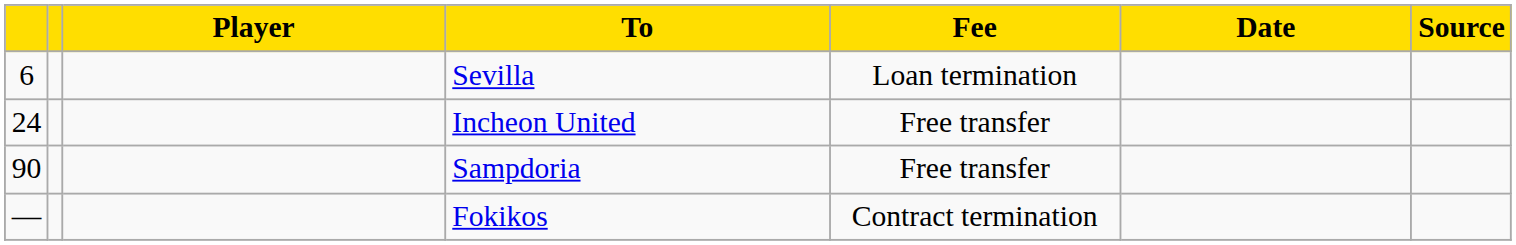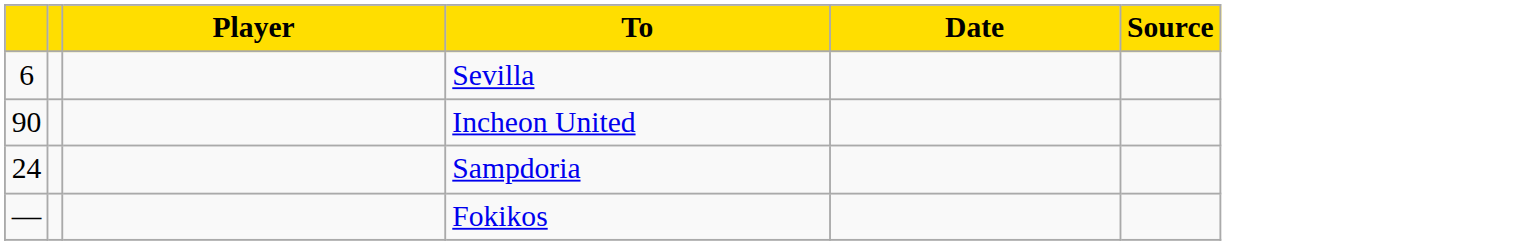 <table class="wikitable sortable">
 <tr>
 <th style="background:#FFDE00"></th>
 <th style="background:#FFDE00"></th>
 <th width=200 style="background:#FFDE00">Player</th>
 <th width=200 style="background:#FFDE00">To</th>
-<th width=150 style="background:#FFDE00">Fee</th>
 <th width=150 style="background:#FFDE00">Date</th>
 <th style="background:#FFDE00">Source</th>
 </tr>
 <tr>
 <td align=center>6</td>
 <td align=center></td>
 <td></td>
 <td> <a href='#'>Sevilla</a></td>
-<td align=center>Loan termination</td>
+<td align=center></td>
+<td align=center></td>
+</tr>
+<tr>
+<td align=center>90</td>
+<td align=center></td>
+<td></td>
+<td> <a href='#'>Incheon United</a></td>
 <td align=center></td>
 <td align=center></td>
 </tr>
 <tr>
 <td align=center>24</td>
 <td align=center></td>
 <td></td>
-<td> <a href='#'>Incheon United</a></td>
-<td align=center>Free transfer</td>
-<td align=center></td>
-<td align=center></td>
-</tr>
-<tr>
-<td align=center>90</td>
-<td align=center></td>
-<td></td>
 <td> <a href='#'>Sampdoria</a></td>
-<td align=center>Free transfer</td>
 <td align=center></td>
 <td align=center></td>
 </tr>
 <tr>
 <td align=center>—</td>
 <td align=center></td>
 <td></td>
 <td> <a href='#'>Fokikos</a></td>
-<td align=center>Contract termination</td>
 <td align=center></td>
 <td align=center></td>
 </tr>
 </table>
